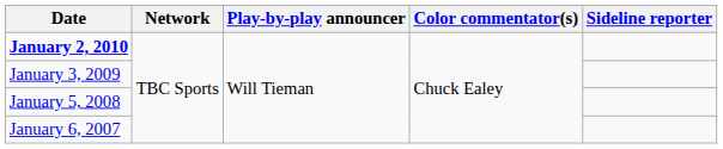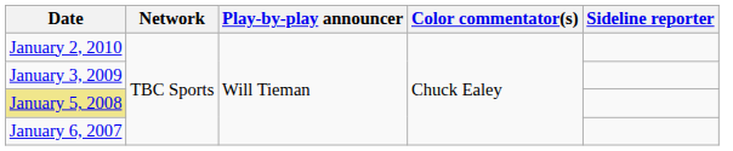 <table class="wikitable">
 <tr>
 <th>Date</th>
 <th>Network</th>
 <th><a href='#'>Play-by-play</a> announcer</th>
 <th><a href='#'>Color commentator</a>(s)</th>
 <th><a href='#'>Sideline reporter</a></th>
 </tr>
 <tr>
-<td><strong><a href='#'>January 2, 2010</a></strong></td>
+<td><a href='#'>January 2, 2010</a></td>
 <td rowspan="4">TBC Sports</td>
 <td rowspan="4">Will Tieman</td>
 <td rowspan="4">Chuck Ealey</td>
 <td></td>
 </tr>
 <tr>
 <td><a href='#'>January 3, 2009</a></td>
 <td></td>
 </tr>
 <tr>
-<td><a href='#'>January 5, 2008</a></td>
+<td style="background: khaki;"><a href='#'>January 5, 2008</a></td>
 <td></td>
 </tr>
 <tr>
 <td><a href='#'>January 6, 2007</a></td>
 <td></td>
 </tr>
 </table>
